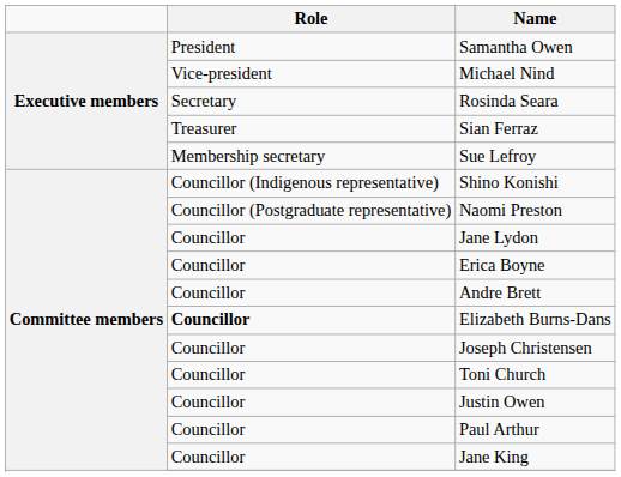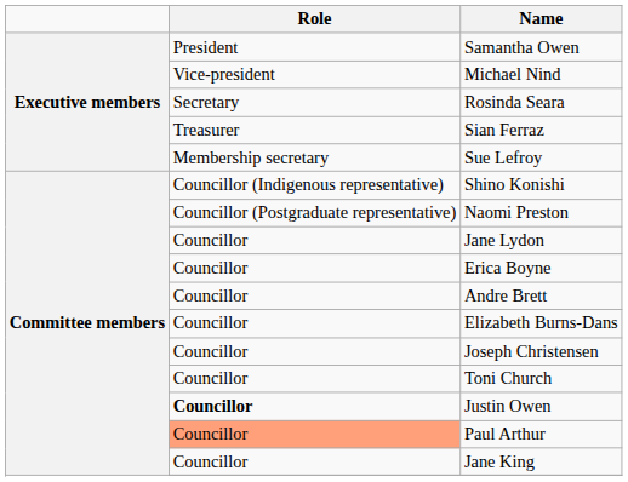 <table class="wikitable">
 <tr>
 <td></td>
 <th>Role</th>
 <th>Name</th>
 </tr>
 <tr>
 <th rowspan="5">Executive members</th>
 <td>President</td>
 <td>Samantha Owen</td>
 </tr>
 <tr>
 <td>Vice-president</td>
 <td>Michael Nind</td>
 </tr>
 <tr>
 <td>Secretary</td>
 <td>Rosinda Seara</td>
 </tr>
 <tr>
 <td>Treasurer</td>
 <td>Sian Ferraz</td>
 </tr>
 <tr>
 <td>Membership secretary</td>
 <td>Sue Lefroy</td>
 </tr>
 <tr>
 <th rowspan="18">Committee members</th>
 <td>Councillor (Indigenous representative)</td>
 <td>Shino Konishi</td>
 </tr>
 <tr>
 <td>Councillor (Postgraduate representative)</td>
 <td>Naomi Preston</td>
 </tr>
 <tr>
 <td>Councillor</td>
 <td>Jane Lydon</td>
 </tr>
 <tr>
 <td>Councillor</td>
 <td>Erica Boyne</td>
 </tr>
 <tr>
 <td>Councillor</td>
 <td>Andre Brett</td>
 </tr>
 <tr>
-<td><strong>Councillor</strong></td>
+<td>Councillor</td>
 <td>Elizabeth Burns-Dans</td>
 </tr>
 <tr>
 <td>Councillor</td>
 <td>Joseph Christensen</td>
 </tr>
 <tr>
 <td>Councillor</td>
 <td>Toni Church</td>
 </tr>
 <tr>
-<td>Councillor</td>
+<td><strong>Councillor</strong></td>
 <td>Justin Owen</td>
 </tr>
 <tr>
-<td>Councillor</td>
+<td style="background: lightsalmon;">Councillor</td>
 <td>Paul Arthur</td>
 </tr>
 <tr>
 <td>Councillor</td>
 <td>Jane King</td>
 </tr>
 <tr>
 </tr>
 </table>
